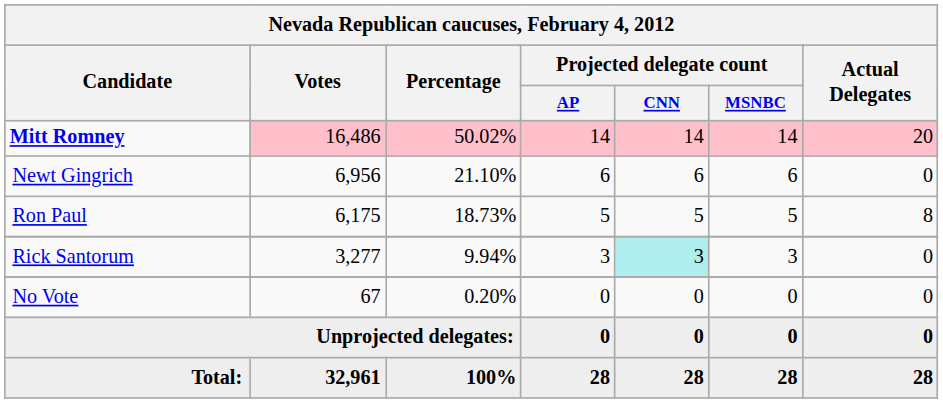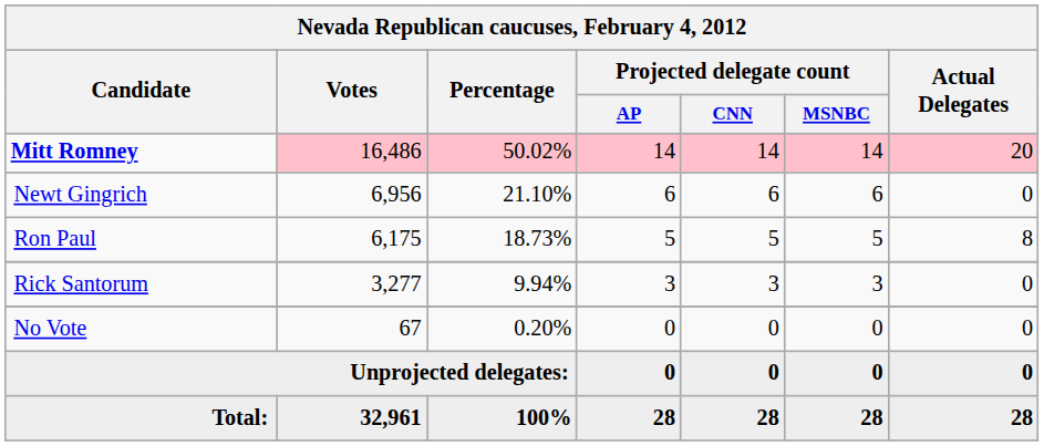 <table class="wikitable" style="font-size:12px;">
 <tr bgcolor="#e9e9e9">
 <th colspan="8" style="padding:4px;">Nevada Republican caucuses, February 4, 2012</th>
 </tr>
 <tr bgcolor="#eeeeee">
 <th rowspan="2" style="width:140px;">Candidate</th>
 <th rowspan="2" style="width:75px;">Votes</th>
 <th rowspan="2" style="width:75px;">Percentage</th>
 <th colspan="3" style="width:150px; padding:4px;">Projected delegate count</th>
 <th rowspan="2" style="width:75px;">Actual Delegates <br></th>
 </tr>
 <tr bgcolor="#eeeeee">
 <th style="width:50px;"><small><a href='#'>AP</a></small><br></th>
 <th style="width:50px;"><small><a href='#'>CNN</a></small><br></th>
 <th style="width:50px;"><small><a href='#'>MSNBC</a></small><br></th>
 </tr>
 <tr align="right">
 <td align="left"><strong><a href='#'>Mitt Romney</a></strong></td>
 <td bgcolor="pink">16,486</td>
 <td bgcolor="pink">50.02%</td>
 <td bgcolor="pink">14</td>
 <td bgcolor="pink">14</td>
 <td bgcolor="pink">14</td>
 <td bgcolor="pink">20</td>
 </tr>
 <tr style="text-align:right;">
 <td style="text-align:left; padding:4px;"><a href='#'>Newt Gingrich</a></td>
 <td>6,956</td>
 <td>21.10%</td>
 <td>6</td>
 <td>6</td>
 <td>6</td>
 <td>0</td>
 </tr>
 <tr style="text-align:right;">
 <td style="text-align:left; padding:4px;"><a href='#'>Ron Paul</a></td>
 <td>6,175</td>
 <td>18.73%</td>
 <td>5</td>
 <td>5</td>
 <td>5</td>
 <td>8</td>
 </tr>
 <tr>
 </tr>
 <tr style="text-align:right;">
 <td style="text-align:left; padding:4px;"><a href='#'>Rick Santorum</a></td>
 <td>3,277</td>
 <td>9.94%</td>
 <td>3</td>
-<td style="background: paleturquoise;">3</td>
+<td>3</td>
 <td>3</td>
 <td>0</td>
 </tr>
 <tr>
 </tr>
 <tr style="text-align:right;">
 <td style="text-align:left; padding:4px;"><a href='#'>No Vote</a></td>
 <td>67</td>
 <td>0.20%</td>
 <td>0</td>
 <td>0</td>
 <td>0</td>
 <td>0</td>
 </tr>
 <tr style="text-align:right; background:#eee;">
 <td colspan="3" style="padding:4px;"><strong>Unprojected delegates:</strong></td>
 <td><strong>0</strong></td>
 <td><strong>0</strong></td>
 <td><strong>0</strong></td>
 <td><strong>0</strong></td>
 </tr>
 <tr bgcolor="#eeeeee" style="text-align:right;">
 <td style="padding:4px;"><strong>Total:</strong></td>
 <td><strong>32,961</strong></td>
 <td><strong>100%</strong></td>
 <td><strong>28</strong></td>
 <td><strong>28</strong></td>
 <td><strong>28</strong></td>
 <td><strong>28</strong></td>
 </tr>
 </table>
